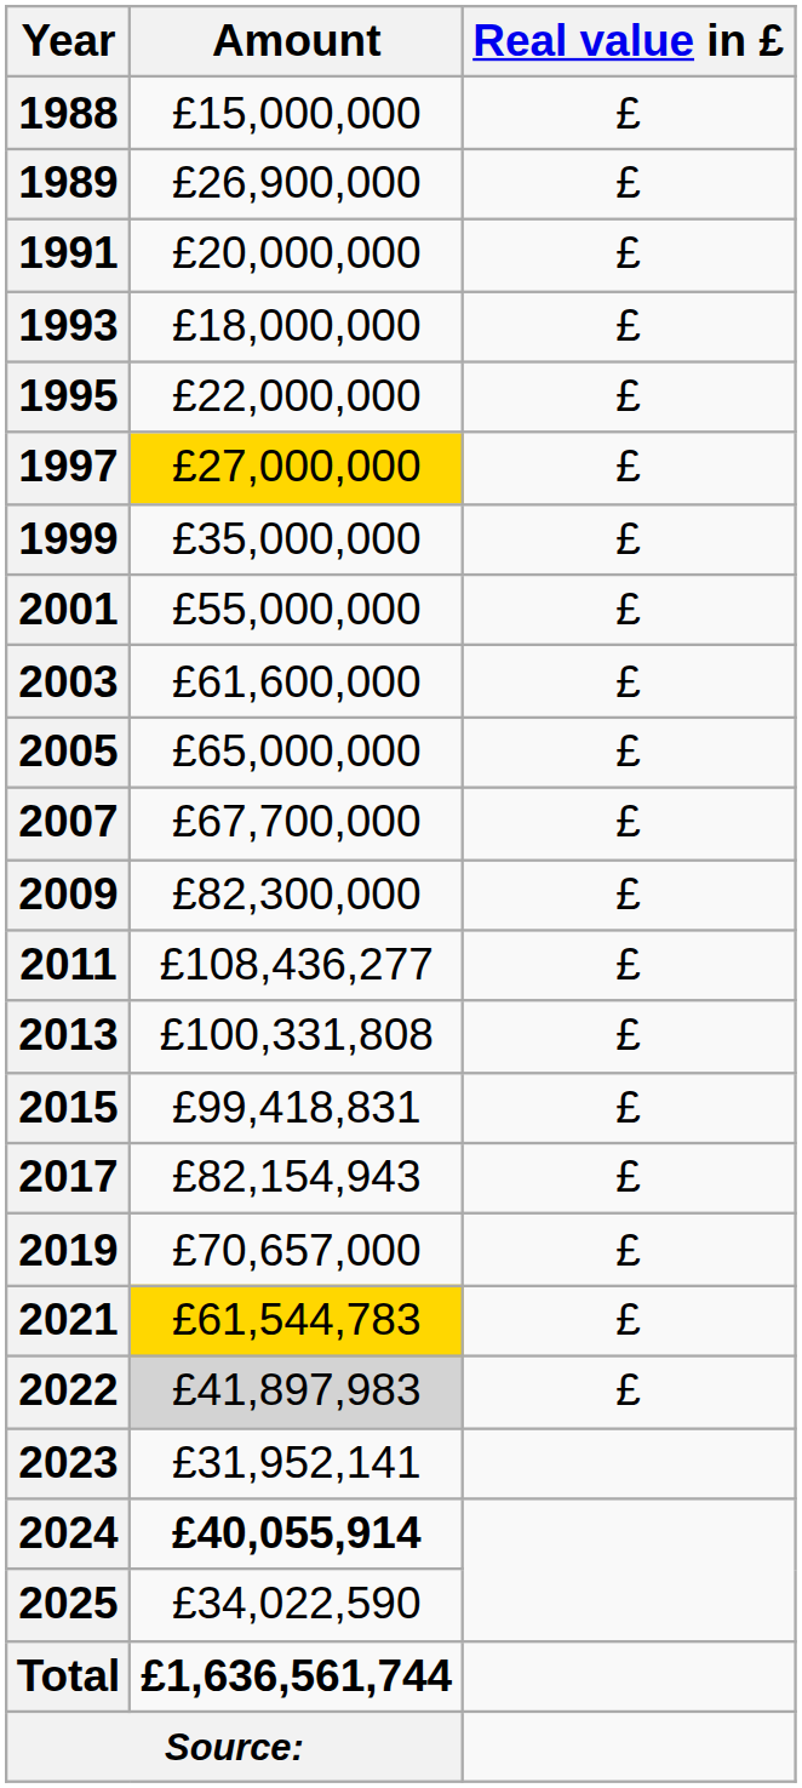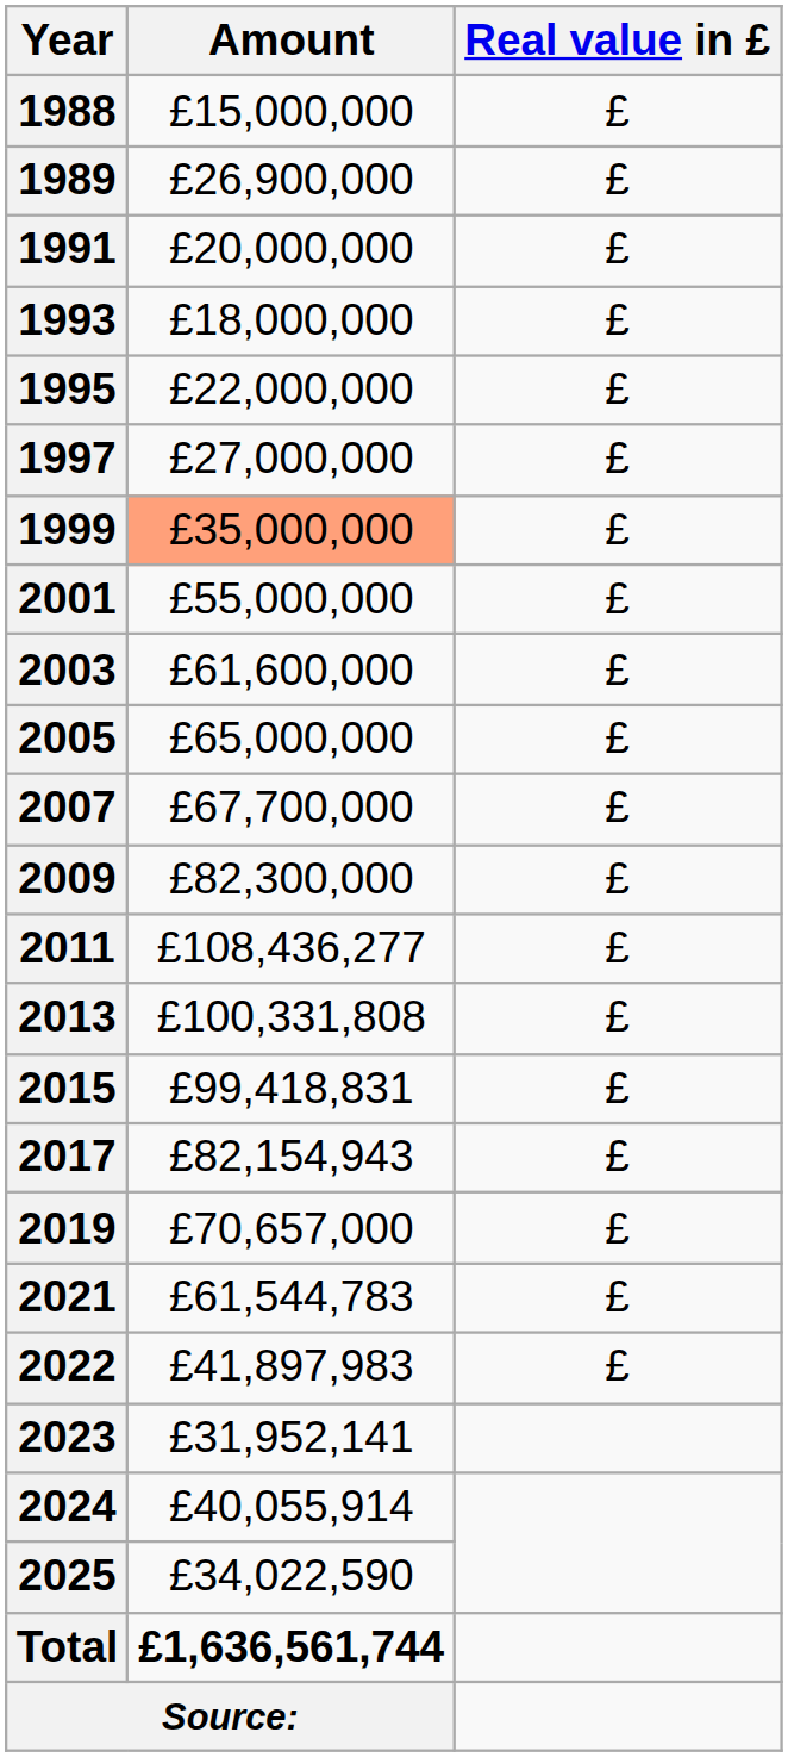 <table class="wikitable" style="text-align:center;">
 <tr>
 <th>Year</th>
 <th>Amount</th>
 <th><a href='#'>Real value</a> in  £</th>
 </tr>
 <tr>
 <th>1988</th>
 <td>£15,000,000</td>
 <td>£</td>
 </tr>
 <tr>
 <th>1989</th>
 <td>£26,900,000</td>
 <td>£</td>
 </tr>
 <tr>
 <th>1991</th>
 <td>£20,000,000</td>
 <td>£</td>
 </tr>
 <tr>
 <th>1993</th>
 <td>£18,000,000</td>
 <td>£</td>
 </tr>
 <tr>
 <th>1995</th>
 <td>£22,000,000</td>
 <td>£</td>
 </tr>
 <tr>
 <th>1997</th>
-<td style="background: gold;">£27,000,000</td>
+<td>£27,000,000</td>
 <td>£</td>
 </tr>
 <tr>
 <th>1999</th>
-<td>£35,000,000</td>
+<td style="background: lightsalmon;">£35,000,000</td>
 <td>£</td>
 </tr>
 <tr>
 <th>2001</th>
 <td>£55,000,000</td>
 <td>£</td>
 </tr>
 <tr>
 <th>2003</th>
 <td>£61,600,000</td>
 <td>£</td>
 </tr>
 <tr>
 <th>2005</th>
 <td>£65,000,000</td>
 <td>£</td>
 </tr>
 <tr>
 <th>2007</th>
 <td>£67,700,000</td>
 <td>£</td>
 </tr>
 <tr>
 <th>2009</th>
 <td>£82,300,000</td>
 <td>£</td>
 </tr>
 <tr>
 <th>2011</th>
 <td>£108,436,277</td>
 <td>£</td>
 </tr>
 <tr>
 <th>2013</th>
 <td>£100,331,808</td>
 <td>£</td>
 </tr>
 <tr>
 <th>2015</th>
 <td>£99,418,831</td>
 <td>£</td>
 </tr>
 <tr>
 <th>2017</th>
 <td>£82,154,943</td>
 <td>£</td>
 </tr>
 <tr>
 <th>2019</th>
 <td>£70,657,000</td>
 <td>£</td>
 </tr>
 <tr>
 <th>2021</th>
-<td style="background: gold;">£61,544,783</td>
+<td>£61,544,783</td>
 <td>£</td>
 </tr>
 <tr>
 <th>2022</th>
-<td style="background: lightgrey;">£41,897,983</td>
+<td>£41,897,983</td>
 <td>£</td>
 </tr>
 <tr>
 <th>2023</th>
 <td>£31,952,141</td>
 <td></td>
 </tr>
 <tr>
 <th>2024</th>
-<td><strong>£40,055,914</strong></td>
+<td>£40,055,914</td>
 </tr>
 <tr>
 <th>2025</th>
 <td>£34,022,590</td>
 </tr>
 <tr>
 <th>Total</th>
 <td><strong>£1,636,561,744</strong></td>
 <td></td>
 </tr>
 <tr>
 <th colspan="2"><small><em>Source:</em></small> </th>
 </tr>
 </table>
